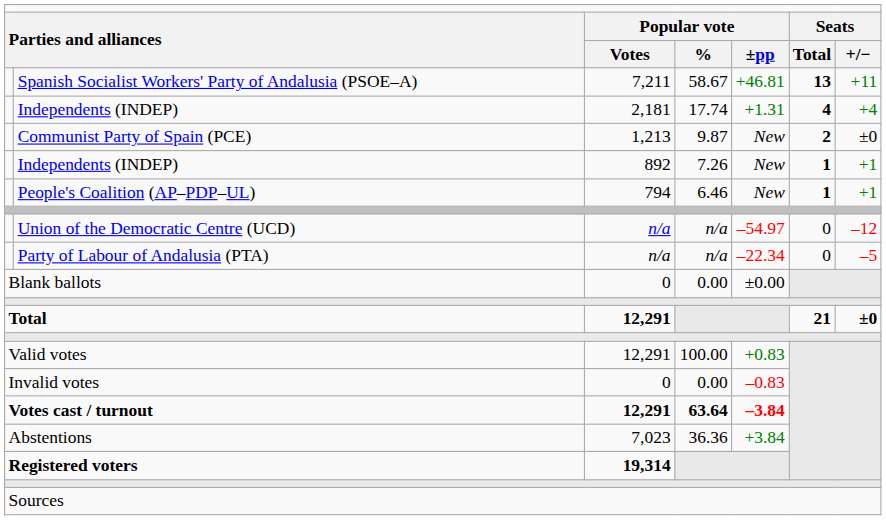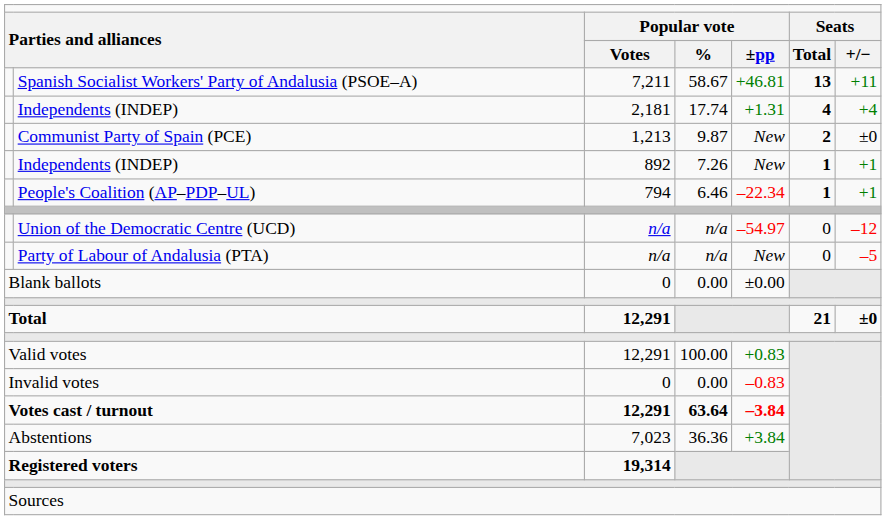 <table class="wikitable" style="text-align:right;">
 <tr>
 <td colspan="7"></td>
 </tr>
 <tr>
 <th style="text-align:left;" rowspan="2" colspan="2" width="525">Parties and alliances</th>
 <th colspan="3">Popular vote</th>
 <th colspan="2">Seats</th>
 </tr>
 <tr>
 <th width="75">Votes</th>
 <th width="45">%</th>
 <th width="45">±<a href='#'>pp</a></th>
 <th width="35">Total</th>
 <th width="35">+/−</th>
 </tr>
 <tr>
 <td width="1" style="color:inherit;background:"></td>
 <td align="left"><a href='#'>Spanish Socialist Workers' Party of Andalusia</a> (PSOE–A)</td>
 <td>7,211</td>
 <td>58.67</td>
 <td style="color:green;">+46.81</td>
 <td><strong>13</strong></td>
 <td style="color:green;">+11</td>
 </tr>
 <tr>
 <td style="color:inherit;background:"></td>
 <td align="left"><a href='#'>Independents</a> (INDEP)</td>
 <td>2,181</td>
 <td>17.74</td>
 <td style="color:green;">+1.31</td>
 <td><strong>4</strong></td>
 <td style="color:green;">+4</td>
 </tr>
 <tr>
 <td style="color:inherit;background:"></td>
 <td align="left"><a href='#'>Communist Party of Spain</a> (PCE)</td>
 <td>1,213</td>
 <td>9.87</td>
 <td><em>New</em></td>
 <td><strong>2</strong></td>
 <td>±0</td>
 </tr>
 <tr>
 <td style="color:inherit;background:"></td>
 <td align="left"><a href='#'>Independents</a> (INDEP)</td>
 <td>892</td>
 <td>7.26</td>
 <td><em>New</em></td>
 <td><strong>1</strong></td>
 <td style="color:green;">+1</td>
 </tr>
 <tr>
 <td style="color:inherit;background:"></td>
 <td align="left"><a href='#'>People's Coalition</a> (<a href='#'>AP</a>–<a href='#'>PDP</a>–<a href='#'>UL</a>)</td>
 <td>794</td>
 <td>6.46</td>
-<td><em>New</em></td>
+<td style="color:red;">–22.34</td>
 <td><strong>1</strong></td>
 <td style="color:green;">+1</td>
 </tr>
 <tr>
 <td colspan="7" bgcolor="#C0C0C0"></td>
 </tr>
 <tr>
 <td style="color:inherit;background:"></td>
 <td align="left"><a href='#'>Union of the Democratic Centre</a> (UCD)</td>
 <td><em><a href='#'>n/a</a></em></td>
 <td><em>n/a</em></td>
 <td style="color:red;">–54.97</td>
 <td>0</td>
 <td style="color:red;">–12</td>
 </tr>
 <tr>
 <td style="color:inherit;background:"></td>
 <td align="left"><a href='#'>Party of Labour of Andalusia</a> (PTA)</td>
 <td><em>n/a</em></td>
 <td><em>n/a</em></td>
-<td style="color:red;">–22.34</td>
+<td><em>New</em></td>
 <td>0</td>
 <td style="color:red;">–5</td>
 </tr>
 <tr>
 <td align="left" colspan="2">Blank ballots</td>
 <td>0</td>
 <td>0.00</td>
 <td>±0.00</td>
 <td bgcolor="#E9E9E9" colspan="2"></td>
 </tr>
 <tr>
 <td colspan="7" bgcolor="#E9E9E9"></td>
 </tr>
 <tr style="font-weight:bold;">
 <td align="left" colspan="2">Total</td>
 <td>12,291</td>
 <td bgcolor="#E9E9E9" colspan="2"></td>
 <td>21</td>
 <td>±0</td>
 </tr>
 <tr>
 <td colspan="7" bgcolor="#E9E9E9"></td>
 </tr>
 <tr>
 <td align="left" colspan="2">Valid votes</td>
 <td>12,291</td>
 <td>100.00</td>
 <td style="color:green;">+0.83</td>
 <td bgcolor="#E9E9E9" colspan="2" rowspan="5"></td>
 </tr>
 <tr>
 <td align="left" colspan="2">Invalid votes</td>
 <td>0</td>
 <td>0.00</td>
 <td style="color:red;">–0.83</td>
 </tr>
 <tr style="font-weight:bold;">
 <td align="left" colspan="2">Votes cast / turnout</td>
 <td>12,291</td>
 <td>63.64</td>
 <td style="color:red;">–3.84</td>
 </tr>
 <tr>
 <td align="left" colspan="2">Abstentions</td>
 <td>7,023</td>
 <td>36.36</td>
 <td style="color:green;">+3.84</td>
 </tr>
 <tr style="font-weight:bold;">
 <td align="left" colspan="2">Registered voters</td>
 <td>19,314</td>
 <td bgcolor="#E9E9E9" colspan="2"></td>
 </tr>
 <tr>
 <td colspan="7" bgcolor="#E9E9E9"></td>
 </tr>
 <tr>
 <td align="left" colspan="7">Sources</td>
 </tr>
 </table>
